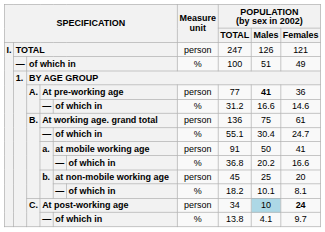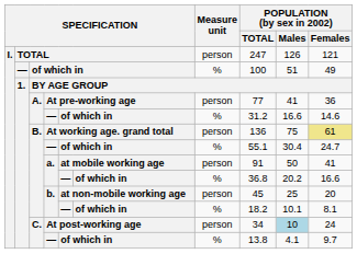 <table class="wikitable" style="font-size:85%; text-align:center">
 <tr>
 <th rowspan="2" colspan="6">SPECIFICATION</th>
 <th rowspan="2">Measure<br> unit</th>
 <th colspan="3" rowspan="1">POPULATION<br> (by sex in 2002)</th>
 </tr>
 <tr>
 <th>TOTAL</th>
 <th>Males</th>
 <th>Females</th>
 </tr>
 <tr>
 <th style="text-align:left" valign="top" rowspan="13">I.</th>
 <th style="text-align:left" colspan="5">TOTAL</th>
 <td>person</td>
 <td>247</td>
 <td>126</td>
 <td>121</td>
 </tr>
 <tr>
 <th style="text-align:left" valign="top">—</th>
 <th style="text-align:left" colspan="4">of which in</th>
 <td>%</td>
 <td>100</td>
 <td>51</td>
 <td>49</td>
 </tr>
 <tr>
 <th style="text-align:left" valign="top" rowspan="11">1.</th>
 <th style="text-align:left" colspan="19">BY AGE GROUP</th>
 </tr>
 <tr>
 <th style="text-align:left" valign="top" rowspan="2">A.</th>
 <th style="text-align:left" colspan="3">At pre-working age</th>
 <td>person</td>
 <td>77</td>
-<td><strong>41</strong></td>
+<td>41</td>
 <td>36</td>
 </tr>
 <tr>
 <th style="text-align:left" valign="top">—</th>
 <th style="text-align:left" valign="top" colspan="2">of which in</th>
 <td>%</td>
 <td>31.2</td>
 <td>16.6</td>
 <td>14.6</td>
 </tr>
 <tr>
 <th style="text-align:left" valign="top" rowspan="6">B.</th>
 <th style="text-align:left" colspan="3">At working age. grand total</th>
 <td>person</td>
 <td>136</td>
 <td>75</td>
-<td>61</td>
+<td style="background: khaki;">61</td>
 </tr>
 <tr>
 <th style="text-align:left" valign="top">—</th>
 <th style="text-align:left" valign="top" colspan="2">of which in</th>
 <td>%</td>
 <td>55.1</td>
 <td>30.4</td>
 <td>24.7</td>
 </tr>
 <tr>
 <th style="text-align:left" valign="top" rowspan="2">a.</th>
 <th style="text-align:left" colspan="2">at mobile working age</th>
 <td>person</td>
 <td>91</td>
 <td>50</td>
 <td>41</td>
 </tr>
 <tr>
 <th style="text-align:left" valign="top">—</th>
 <th style="text-align:left" valign="top" colspan="1">of which in                        </th>
 <td>%</td>
 <td>36.8</td>
 <td>20.2</td>
 <td>16.6</td>
 </tr>
 <tr>
 <th style="text-align:left" valign="top" rowspan="2">b.</th>
 <th style="text-align:left" colspan="2">at non-mobile working age</th>
 <td>person</td>
 <td>45</td>
 <td>25</td>
 <td>20</td>
 </tr>
 <tr>
 <th style="text-align:left" valign="top">—</th>
 <th style="text-align:left" valign="top" colspan="1">of which in                        </th>
 <td>%</td>
 <td>18.2</td>
 <td>10.1</td>
 <td>8.1</td>
 </tr>
 <tr>
 <th style="text-align:left" valign="top" rowspan="2">C.</th>
 <th style="text-align:left" colspan="3">At post-working age</th>
 <td>person</td>
 <td>34</td>
 <td style="background: lightblue;">10</td>
-<td><strong>24</strong></td>
+<td>24</td>
 </tr>
 <tr>
 <th style="text-align:left" valign="top">—</th>
 <th style="text-align:left" valign="top" colspan="2">of which in</th>
 <td>%</td>
 <td>13.8</td>
 <td>4.1</td>
 <td>9.7</td>
 </tr>
 </table>
